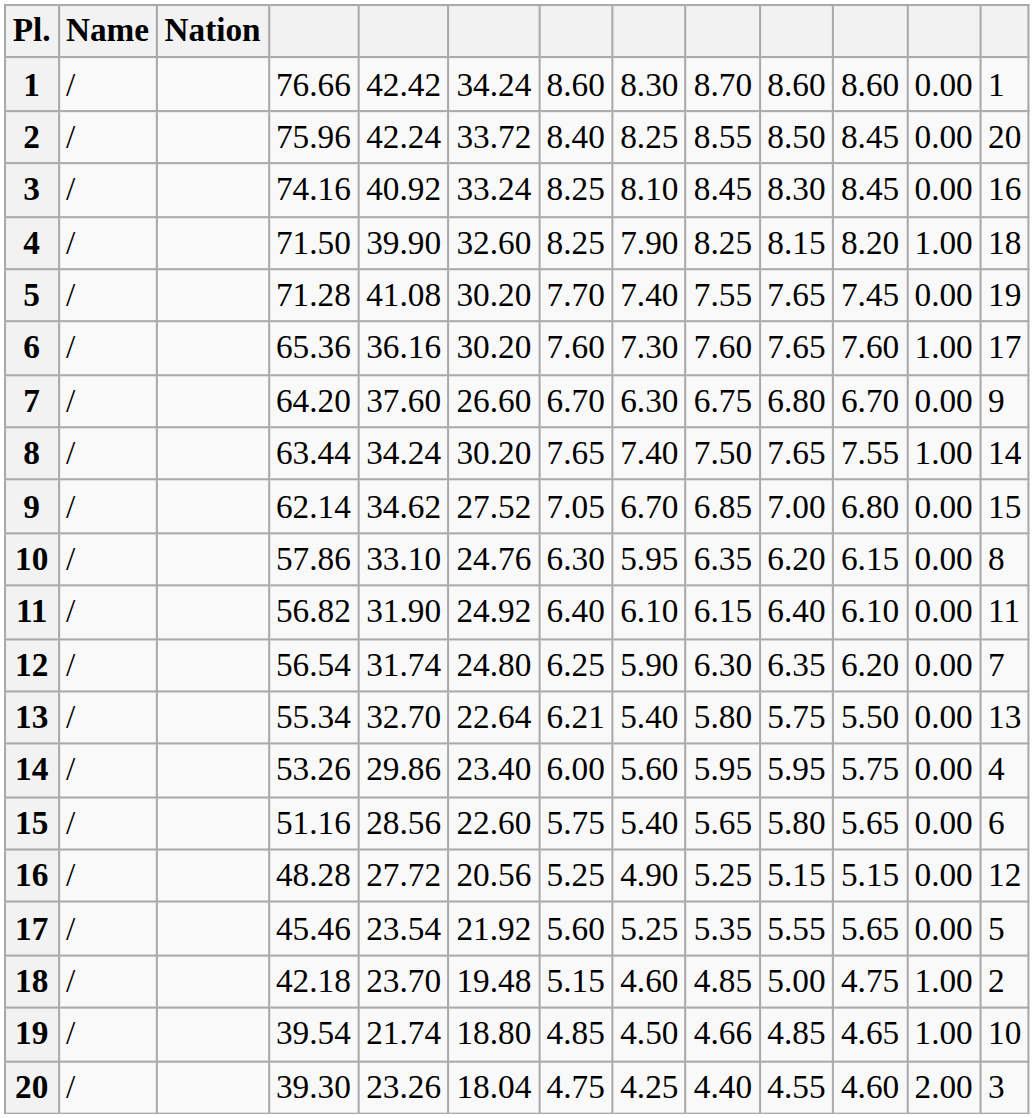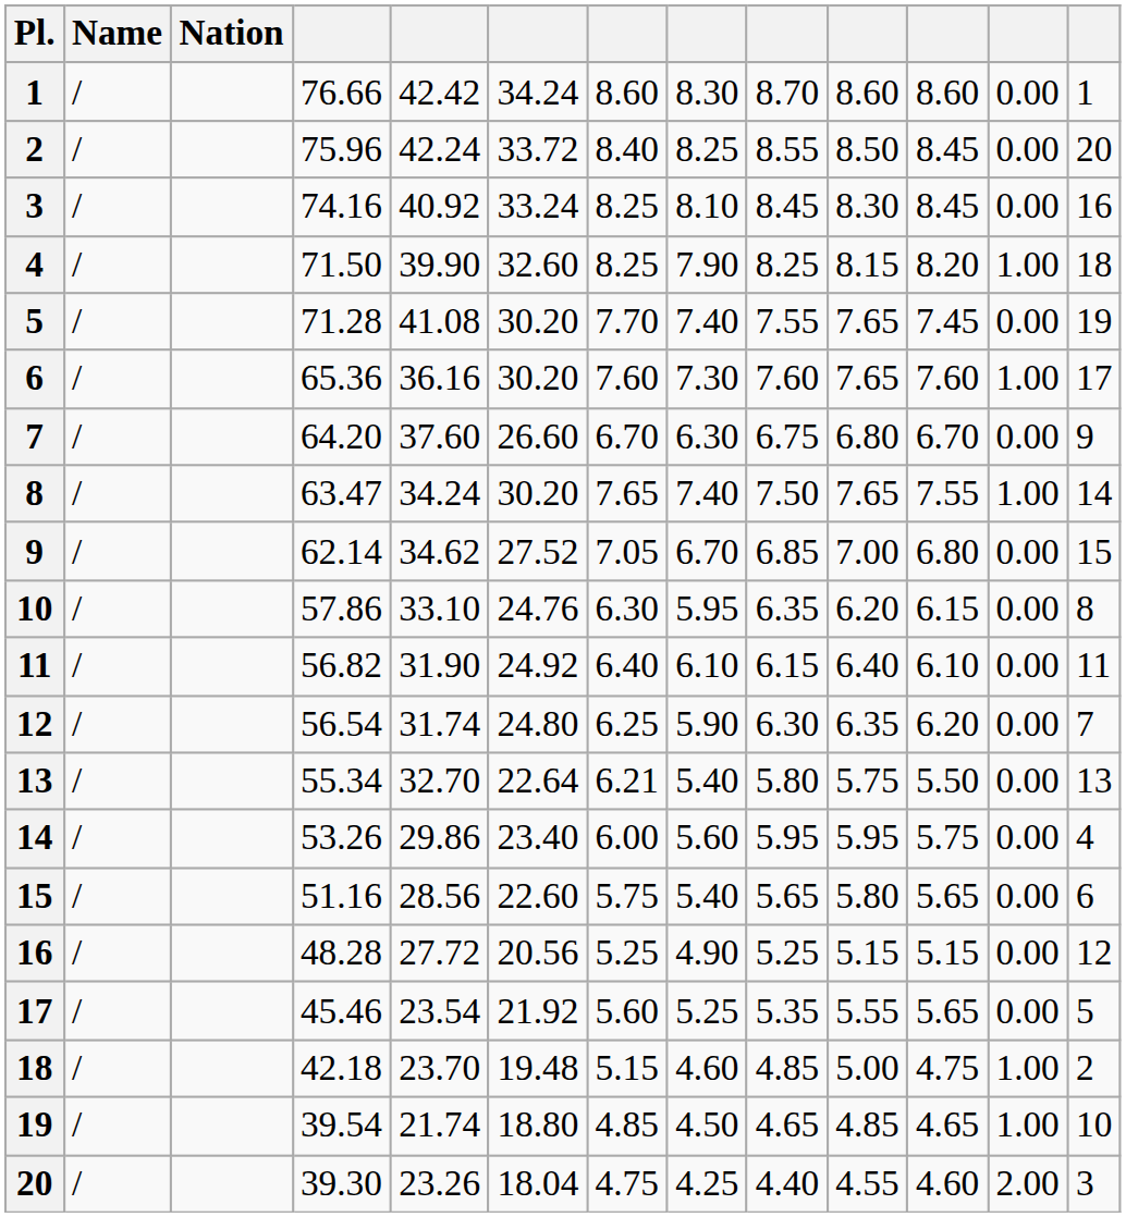 <table class="wikitable sortable">
 <tr>
 <th>Pl.</th>
 <th>Name</th>
 <th>Nation</th>
 <th></th>
 <th></th>
 <th></th>
 <th></th>
 <th></th>
 <th></th>
 <th></th>
 <th></th>
 <th></th>
 <th></th>
 </tr>
 <tr>
 <th>1</th>
 <td> / </td>
 <td></td>
 <td>76.66</td>
 <td>42.42</td>
 <td>34.24</td>
 <td>8.60</td>
 <td>8.30</td>
 <td>8.70</td>
 <td>8.60</td>
 <td>8.60</td>
 <td>0.00</td>
 <td>1</td>
 </tr>
 <tr>
 <th>2</th>
 <td> / </td>
 <td></td>
 <td>75.96</td>
 <td>42.24</td>
 <td>33.72</td>
 <td>8.40</td>
 <td>8.25</td>
 <td>8.55</td>
 <td>8.50</td>
 <td>8.45</td>
 <td>0.00</td>
 <td>20</td>
 </tr>
 <tr>
 <th>3</th>
 <td> / </td>
 <td></td>
 <td>74.16</td>
 <td>40.92</td>
 <td>33.24</td>
 <td>8.25</td>
 <td>8.10</td>
 <td>8.45</td>
 <td>8.30</td>
 <td>8.45</td>
 <td>0.00</td>
 <td>16</td>
 </tr>
 <tr>
 <th>4</th>
 <td> / </td>
 <td></td>
 <td>71.50</td>
 <td>39.90</td>
 <td>32.60</td>
 <td>8.25</td>
 <td>7.90</td>
 <td>8.25</td>
 <td>8.15</td>
 <td>8.20</td>
 <td>1.00</td>
 <td>18</td>
 </tr>
 <tr>
 <th>5</th>
 <td> / </td>
 <td></td>
 <td>71.28</td>
 <td>41.08</td>
 <td>30.20</td>
 <td>7.70</td>
 <td>7.40</td>
 <td>7.55</td>
 <td>7.65</td>
 <td>7.45</td>
 <td>0.00</td>
 <td>19</td>
 </tr>
 <tr>
 <th>6</th>
 <td> / </td>
 <td></td>
 <td>65.36</td>
 <td>36.16</td>
 <td>30.20</td>
 <td>7.60</td>
 <td>7.30</td>
 <td>7.60</td>
 <td>7.65</td>
 <td>7.60</td>
 <td>1.00</td>
 <td>17</td>
 </tr>
 <tr>
 <th>7</th>
 <td> / </td>
 <td></td>
 <td>64.20</td>
 <td>37.60</td>
 <td>26.60</td>
 <td>6.70</td>
 <td>6.30</td>
 <td>6.75</td>
 <td>6.80</td>
 <td>6.70</td>
 <td>0.00</td>
 <td>9</td>
 </tr>
 <tr>
 <th>8</th>
 <td> / </td>
 <td></td>
-<td>63.44</td>
+<td>63.47</td>
 <td>34.24</td>
 <td>30.20</td>
 <td>7.65</td>
 <td>7.40</td>
 <td>7.50</td>
 <td>7.65</td>
 <td>7.55</td>
 <td>1.00</td>
 <td>14</td>
 </tr>
 <tr>
 <th>9</th>
 <td> / </td>
 <td></td>
 <td>62.14</td>
 <td>34.62</td>
 <td>27.52</td>
 <td>7.05</td>
 <td>6.70</td>
 <td>6.85</td>
 <td>7.00</td>
 <td>6.80</td>
 <td>0.00</td>
 <td>15</td>
 </tr>
 <tr>
 <th>10</th>
 <td> / </td>
 <td></td>
 <td>57.86</td>
 <td>33.10</td>
 <td>24.76</td>
 <td>6.30</td>
 <td>5.95</td>
 <td>6.35</td>
 <td>6.20</td>
 <td>6.15</td>
 <td>0.00</td>
 <td>8</td>
 </tr>
 <tr>
 <th>11</th>
 <td> / </td>
 <td></td>
 <td>56.82</td>
 <td>31.90</td>
 <td>24.92</td>
 <td>6.40</td>
 <td>6.10</td>
 <td>6.15</td>
 <td>6.40</td>
 <td>6.10</td>
 <td>0.00</td>
 <td>11</td>
 </tr>
 <tr>
 <th>12</th>
 <td> / </td>
 <td></td>
 <td>56.54</td>
 <td>31.74</td>
 <td>24.80</td>
 <td>6.25</td>
 <td>5.90</td>
 <td>6.30</td>
 <td>6.35</td>
 <td>6.20</td>
 <td>0.00</td>
 <td>7</td>
 </tr>
 <tr>
 <th>13</th>
 <td> / </td>
 <td></td>
 <td>55.34</td>
 <td>32.70</td>
 <td>22.64</td>
 <td>6.21</td>
 <td>5.40</td>
 <td>5.80</td>
 <td>5.75</td>
 <td>5.50</td>
 <td>0.00</td>
 <td>13</td>
 </tr>
 <tr>
 <th>14</th>
 <td> / </td>
 <td></td>
 <td>53.26</td>
 <td>29.86</td>
 <td>23.40</td>
 <td>6.00</td>
 <td>5.60</td>
 <td>5.95</td>
 <td>5.95</td>
 <td>5.75</td>
 <td>0.00</td>
 <td>4</td>
 </tr>
 <tr>
 <th>15</th>
 <td> / </td>
 <td></td>
 <td>51.16</td>
 <td>28.56</td>
 <td>22.60</td>
 <td>5.75</td>
 <td>5.40</td>
 <td>5.65</td>
 <td>5.80</td>
 <td>5.65</td>
 <td>0.00</td>
 <td>6</td>
 </tr>
 <tr>
 <th>16</th>
 <td> / </td>
 <td></td>
 <td>48.28</td>
 <td>27.72</td>
 <td>20.56</td>
 <td>5.25</td>
 <td>4.90</td>
 <td>5.25</td>
 <td>5.15</td>
 <td>5.15</td>
 <td>0.00</td>
 <td>12</td>
 </tr>
 <tr>
 <th>17</th>
 <td> / </td>
 <td></td>
 <td>45.46</td>
 <td>23.54</td>
 <td>21.92</td>
 <td>5.60</td>
 <td>5.25</td>
 <td>5.35</td>
 <td>5.55</td>
 <td>5.65</td>
 <td>0.00</td>
 <td>5</td>
 </tr>
 <tr>
 <th>18</th>
 <td> / </td>
 <td></td>
 <td>42.18</td>
 <td>23.70</td>
 <td>19.48</td>
 <td>5.15</td>
 <td>4.60</td>
 <td>4.85</td>
 <td>5.00</td>
 <td>4.75</td>
 <td>1.00</td>
 <td>2</td>
 </tr>
 <tr>
 <th>19</th>
 <td> / </td>
 <td></td>
 <td>39.54</td>
 <td>21.74</td>
 <td>18.80</td>
 <td>4.85</td>
 <td>4.50</td>
-<td>4.66</td>
+<td>4.65</td>
 <td>4.85</td>
 <td>4.65</td>
 <td>1.00</td>
 <td>10</td>
 </tr>
 <tr>
 <th>20</th>
 <td> / </td>
 <td></td>
 <td>39.30</td>
 <td>23.26</td>
 <td>18.04</td>
 <td>4.75</td>
 <td>4.25</td>
 <td>4.40</td>
 <td>4.55</td>
 <td>4.60</td>
 <td>2.00</td>
 <td>3</td>
 </tr>
 </table>
